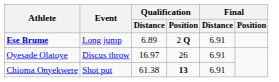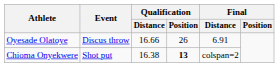 <table class=wikitable style=font-size:90%>
 <tr>
 <th rowspan=2>Athlete</th>
 <th rowspan=2>Event</th>
 <th colspan=2>Qualification</th>
 <th colspan=2>Final</th>
 </tr>
 <tr style=font-size:95%>
 <th>Distance</th>
 <th>Position</th>
 <th>Distance</th>
 <th>Position</th>
 </tr>
 <tr align=center>
-<td align=left><strong><a href='#'>Ese Brume</a></strong></td>
-<td align=left><a href='#'>Long jump</a></td>
-<td>6.89</td>
-<td>2 <strong>Q</strong></td>
-<td>6.91</td>
-<td></td>
-</tr>
-<tr align=center>
 <td align=left><a href='#'>Oyesade Olatoye</a></td>
 <td align=left><a href='#'>Discus throw</a></td>
-<td>16.97</td>
+<td>16.66</td>
 <td>26</td>
 <td>6.91</td>
 </tr>
 <tr align=center>
 <td align=left><a href='#'>Chioma Onyekwere</a></td>
 <td align=left><a href='#'>Shot put</a></td>
-<td>61.38 </td>
+<td>16.38 </td>
 <td><strong>13</strong></td>
-<td>6.91</td>
+<td>colspan=2</td>
 </tr>
 </table>
